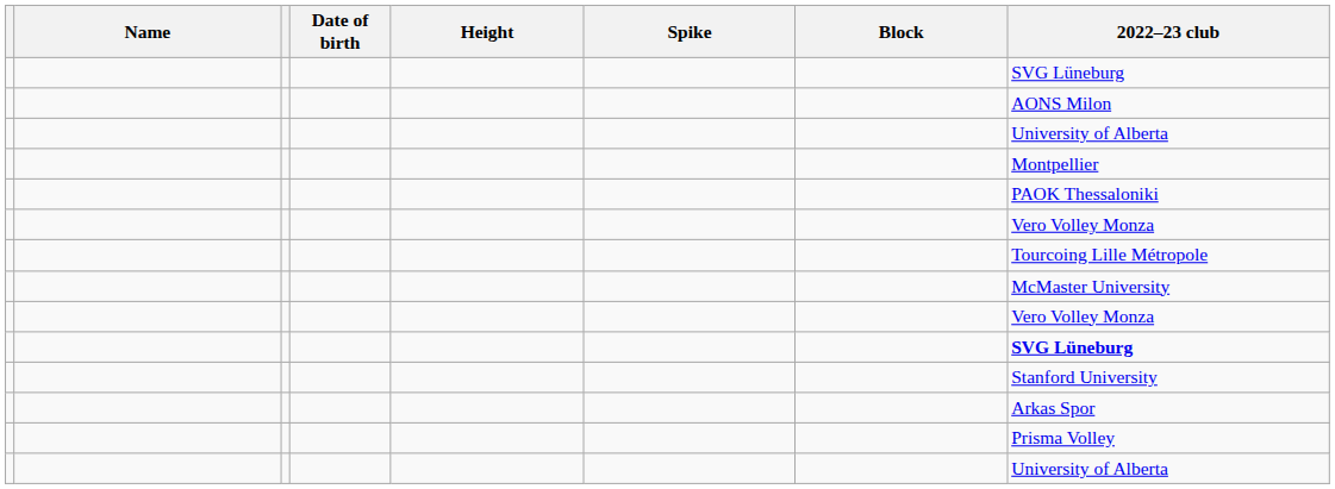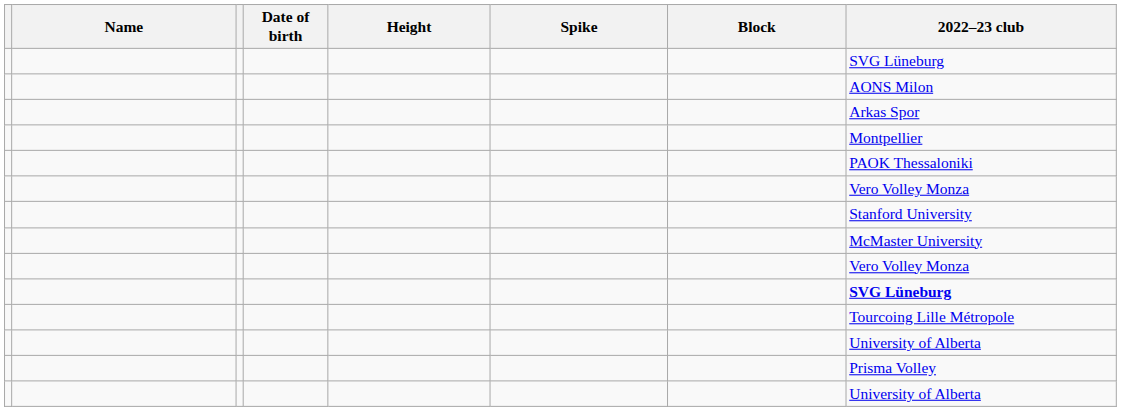 <table class="wikitable sortable" style="font-size:95%; text-align:center;">
 <tr>
 <th></th>
 <th style="width:14em">Name</th>
 <th></th>
 <th style="width:5em">Date of birth</th>
 <th style="width:10em">Height</th>
 <th style="width:11em">Spike</th>
 <th style="width:11em">Block</th>
 <th style="width:17em">2022–23 club</th>
 </tr>
 <tr>
 <td></td>
 <td align=left></td>
 <td></td>
 <td align=right></td>
 <td></td>
 <td></td>
 <td></td>
 <td align=left> <a href='#'>SVG Lüneburg</a></td>
 </tr>
 <tr>
 <td></td>
 <td align=left></td>
 <td></td>
 <td align=right></td>
 <td></td>
 <td></td>
 <td></td>
 <td align=left> <a href='#'>AONS Milon</a></td>
 </tr>
 <tr>
 <td></td>
 <td align=left> </td>
 <td></td>
 <td align=right></td>
 <td></td>
 <td></td>
 <td></td>
-<td align=left> <a href='#'>University of Alberta</a></td>
+<td align=left> <a href='#'>Arkas Spor</a></td>
 </tr>
 <tr>
 <td></td>
 <td align=left></td>
 <td></td>
 <td align=right></td>
 <td></td>
 <td></td>
 <td></td>
 <td align=left> <a href='#'>Montpellier</a></td>
 </tr>
 <tr>
 <td></td>
 <td align=left></td>
 <td></td>
 <td align=right></td>
 <td></td>
 <td></td>
 <td></td>
 <td align=left> <a href='#'>PAOK Thessaloniki</a></td>
 </tr>
 <tr>
 <td></td>
 <td align=left></td>
 <td></td>
 <td align=right></td>
 <td></td>
 <td></td>
 <td></td>
 <td align=left> <a href='#'>Vero Volley Monza</a></td>
 </tr>
 <tr>
 <td></td>
 <td align=left></td>
 <td></td>
 <td align=right></td>
 <td></td>
 <td></td>
 <td></td>
-<td align=left> <a href='#'>Tourcoing Lille Métropole</a></td>
+<td align=left> <a href='#'>Stanford University</a></td>
 </tr>
 <tr>
 <td></td>
 <td align=left></td>
 <td></td>
 <td align=right></td>
 <td></td>
 <td></td>
 <td></td>
 <td align=left> <a href='#'>McMaster University</a></td>
 </tr>
 <tr>
 <td></td>
 <td align=left></td>
 <td></td>
 <td align=right></td>
 <td></td>
 <td></td>
 <td></td>
 <td align=left> <a href='#'>Vero Volley Monza</a></td>
 </tr>
 <tr>
 <td></td>
 <td align=left></td>
 <td></td>
 <td align=right></td>
 <td></td>
 <td></td>
 <td></td>
 <td align=left><strong> <a href='#'>SVG Lüneburg</a></strong></td>
 </tr>
 <tr>
 <td></td>
 <td align=left></td>
 <td></td>
 <td align=right></td>
 <td></td>
 <td></td>
 <td></td>
-<td align=left> <a href='#'>Stanford University</a></td>
+<td align=left> <a href='#'>Tourcoing Lille Métropole</a></td>
 </tr>
 <tr>
 <td></td>
 <td align=left></td>
 <td></td>
 <td align=right></td>
 <td></td>
 <td></td>
 <td></td>
-<td align=left> <a href='#'>Arkas Spor</a></td>
+<td align=left> <a href='#'>University of Alberta</a></td>
 </tr>
 <tr>
 <td></td>
 <td align=left></td>
 <td></td>
 <td align=right></td>
 <td></td>
 <td></td>
 <td></td>
 <td align=left> <a href='#'>Prisma Volley</a></td>
 </tr>
 <tr>
 <td></td>
 <td align=left></td>
 <td></td>
 <td align=right></td>
 <td></td>
 <td></td>
 <td></td>
 <td align=left> <a href='#'>University of Alberta</a></td>
 </tr>
 </table>
